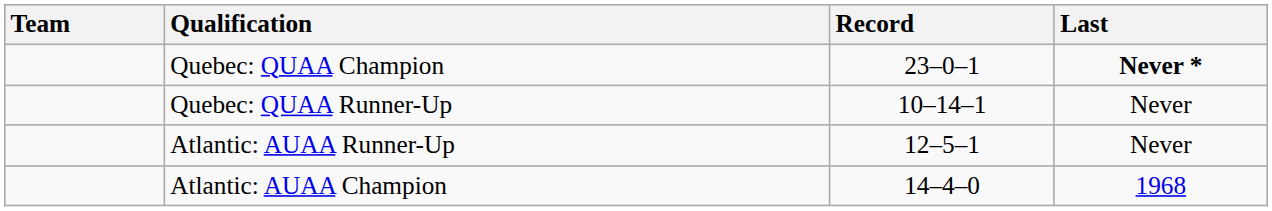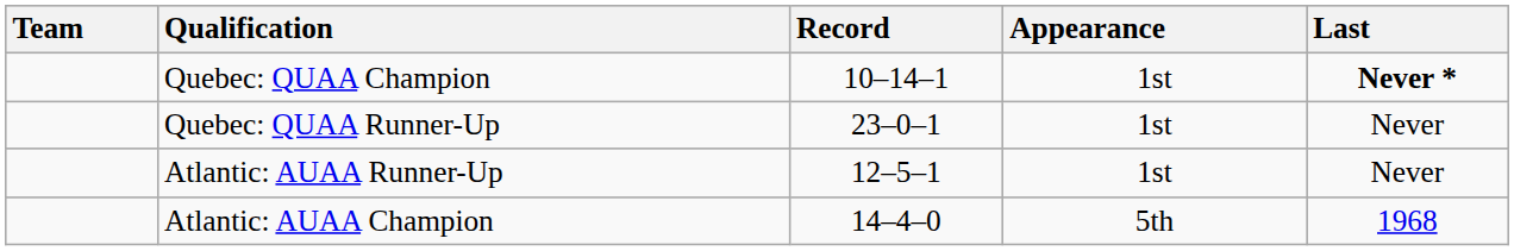 <table class="wikitable sortable" style="text-align: center;" width=800>
 <tr style="background:#efefef; text-align:center">
 <th style="text-align:left">Team</th>
 <th style="text-align:left">Qualification</th>
 <th style="text-align:left">Record</th>
+<th style="text-align:left">Appearance</th>
 <th style="text-align:left">Last</th>
 </tr>
 <tr style="text-align:center">
 <td style="text-align:left; "><a href='#'></a></td>
 <td style="text-align:left">Quebec: <a href='#'>QUAA</a> Champion</td>
-<td style="text-align:center">23–0–1</td>
+<td style="text-align:center">10–14–1</td>
+<td style="text-align:center">1st</td>
 <td style="text-align:center"><strong>Never *</strong></td>
 </tr>
 <tr style="text-align:center">
 <td style="text-align:left; "><a href='#'></a></td>
 <td style="text-align:left">Quebec: <a href='#'>QUAA</a> Runner-Up</td>
-<td style="text-align:center">10–14–1</td>
+<td style="text-align:center">23–0–1</td>
+<td style="text-align:center">1st</td>
 <td style="text-align:center">Never</td>
 </tr>
 <tr style="text-align:center">
 <td style="text-align:left; "><a href='#'></a></td>
 <td style="text-align:left">Atlantic: <a href='#'>AUAA</a> Runner-Up</td>
 <td style="text-align:center">12–5–1</td>
+<td style="text-align:center">1st</td>
 <td style="text-align:center">Never</td>
 </tr>
 <tr style="text-align:center">
 <td style="text-align:left; "><a href='#'></a></td>
 <td style="text-align:left">Atlantic: <a href='#'>AUAA</a> Champion</td>
 <td style="text-align:center">14–4–0</td>
+<td style="text-align:center">5th</td>
 <td style="text-align:center"><a href='#'>1968</a></td>
 </tr>
 </table>
